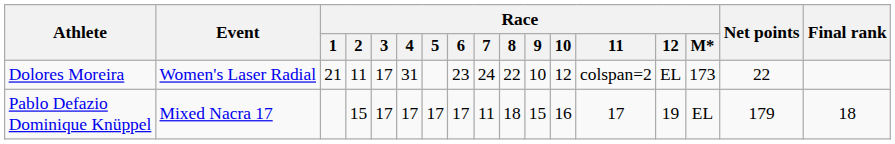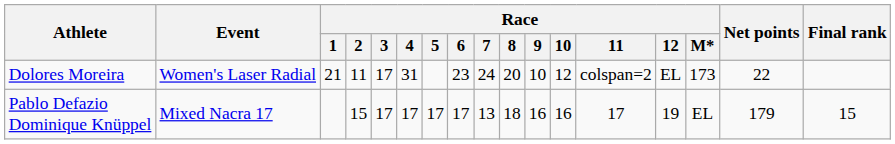 <table class="wikitable" style="font-size:90%">
 <tr>
 <th rowspan="2">Athlete</th>
 <th rowspan="2">Event</th>
 <th colspan=13>Race</th>
 <th rowspan=2>Net points</th>
 <th rowspan=2>Final rank</th>
 </tr>
 <tr style="font-size:95%">
 <th>1</th>
 <th>2</th>
 <th>3</th>
 <th>4</th>
 <th>5</th>
 <th>6</th>
 <th>7</th>
 <th>8</th>
 <th>9</th>
 <th>10</th>
 <th>11</th>
 <th>12</th>
 <th>M*</th>
 </tr>
 <tr align=center>
 <td align=left><a href='#'>Dolores Moreira</a></td>
 <td align=left><a href='#'>Women's Laser Radial</a></td>
 <td>21</td>
 <td>11</td>
 <td>17</td>
 <td>31</td>
 <td></td>
 <td>23</td>
 <td>24</td>
-<td>22</td>
+<td>20</td>
 <td>10</td>
 <td>12</td>
 <td>colspan=2 </td>
 <td>EL</td>
 <td>173</td>
 <td>22</td>
 </tr>
 <tr align=center>
 <td align=left><a href='#'>Pablo Defazio</a><br><a href='#'>Dominique Knüppel</a></td>
 <td align=left><a href='#'>Mixed Nacra 17</a></td>
 <td></td>
 <td>15</td>
 <td>17</td>
 <td>17</td>
 <td>17</td>
 <td>17</td>
-<td>11</td>
+<td>13</td>
 <td>18</td>
-<td>15</td>
+<td>16</td>
 <td>16</td>
 <td>17</td>
 <td>19</td>
 <td>EL</td>
 <td>179</td>
-<td>18</td>
+<td>15</td>
 </tr>
 </table>
